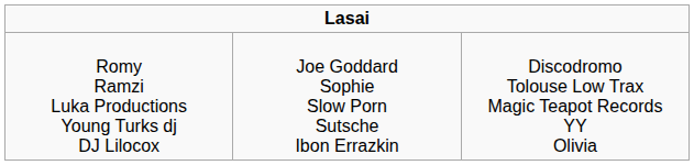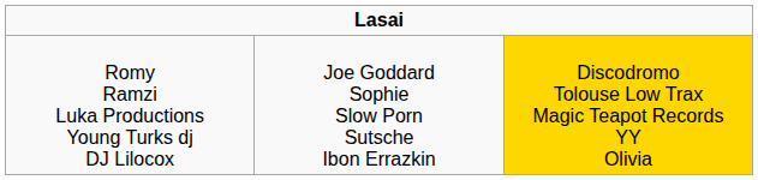 <table class="wikitable">
 <tr>
 <td colspan="4" align="center"><strong>Lasai</strong></td>
 </tr>
 <tr>
 <td valign="top" align="center" width=200><br>Romy<br> Ramzi <br>Luka Productions<br>Young Turks dj<br> DJ Lilocox</td>
 <td valign="top" align="center" width=200><br>Joe Goddard<br> Sophie<br> Slow Porn<br> Sutsche<br> Ibon Errazkin</td>
-<td valign="top" align="center" width=200><br>Discodromo<br> Tolouse Low Trax<br> Magic Teapot Records<br> YY<br> Olivia</td>
+<td valign="top" align="center" width=200 style="background: gold;"><br>Discodromo<br> Tolouse Low Trax<br> Magic Teapot Records<br> YY<br> Olivia</td>
 </tr>
 </table>
